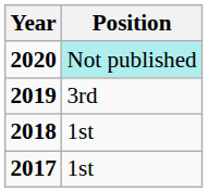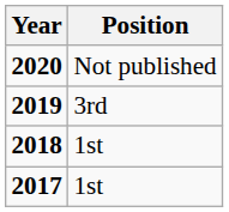 <table class="wikitable">
 <tr>
 <th>Year</th>
 <th>Position</th>
 </tr>
 <tr>
 <td><strong>2020</strong></td>
-<td style="background: paleturquoise;">Not published</td>
+<td>Not published</td>
 </tr>
 <tr>
 <td><strong>2019</strong></td>
 <td>3rd</td>
 </tr>
 <tr>
 <td><strong>2018</strong></td>
 <td>1st</td>
 </tr>
 <tr>
 <td><strong>2017</strong></td>
 <td>1st</td>
 </tr>
 </table>
